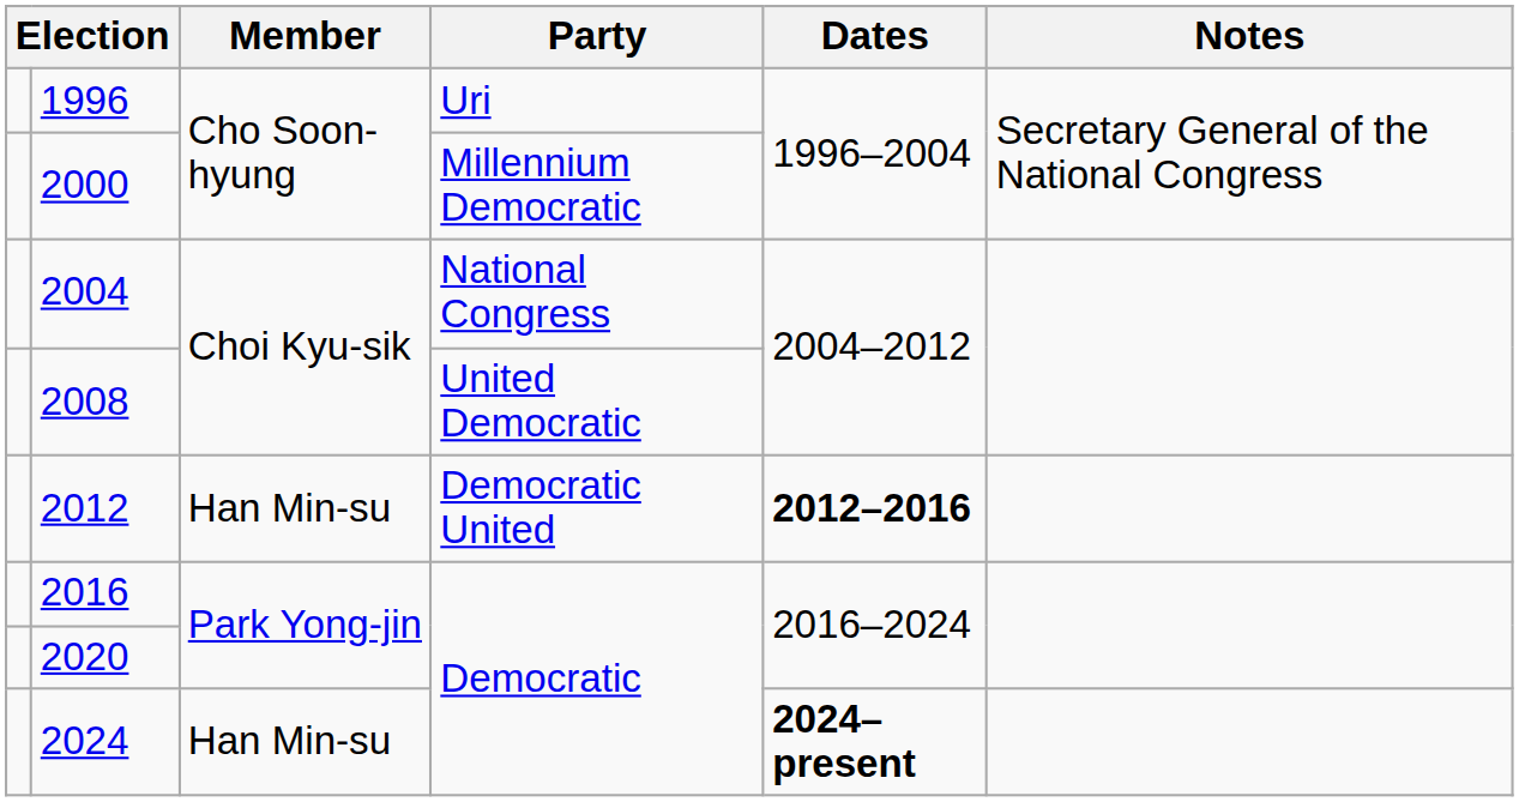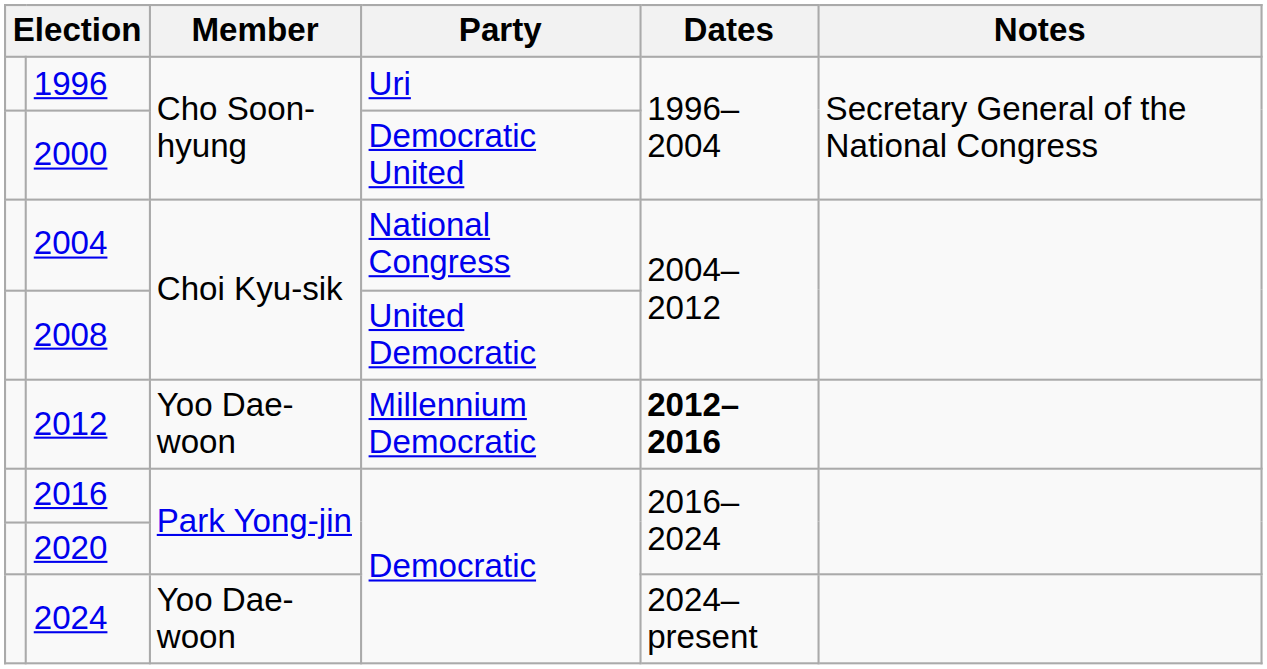 <table class="wikitable">
 <tr>
 <th colspan="2">Election</th>
 <th>Member</th>
 <th>Party</th>
 <th>Dates</th>
 <th>Notes</th>
 </tr>
 <tr>
 <td></td>
 <td><a href='#'>1996</a></td>
 <td rowspan="2">Cho Soon-hyung</td>
 <td><a href='#'>Uri</a></td>
 <td rowspan="2">1996–2004</td>
 <td rowspan="2">Secretary General of the National Congress</td>
 </tr>
 <tr>
 <td></td>
 <td><a href='#'>2000</a></td>
-<td><a href='#'>Millennium Democratic</a></td>
+<td><a href='#'>Democratic United</a></td>
 </tr>
 <tr>
 <td></td>
 <td><a href='#'>2004</a></td>
 <td rowspan="2">Choi Kyu-sik</td>
 <td><a href='#'>National Congress</a></td>
 <td rowspan="2">2004–2012</td>
 <td rowspan="2"></td>
 </tr>
 <tr>
 <td></td>
 <td><a href='#'>2008</a></td>
 <td><a href='#'>United Democratic</a></td>
 </tr>
 <tr>
 <td></td>
 <td><a href='#'>2012</a></td>
-<td>Han Min-su</td>
-<td><a href='#'>Democratic United</a></td>
+<td>Yoo Dae-woon</td>
+<td><a href='#'>Millennium Democratic</a></td>
 <td><strong>2012–2016</strong></td>
 <td></td>
 </tr>
 <tr>
 <td></td>
 <td><a href='#'>2016</a></td>
 <td rowspan="2"><a href='#'>Park Yong-jin</a></td>
 <td rowspan="3"><a href='#'>Democratic</a></td>
 <td rowspan="2">2016–2024</td>
 <td rowspan="2"></td>
 </tr>
 <tr>
 <td></td>
 <td><a href='#'>2020</a></td>
 </tr>
 <tr>
 <td></td>
 <td><a href='#'>2024</a></td>
-<td>Han Min-su</td>
-<td><strong>2024–present</strong></td>
+<td>Yoo Dae-woon</td>
+<td>2024–present</td>
 <td></td>
 </tr>
 </table>
